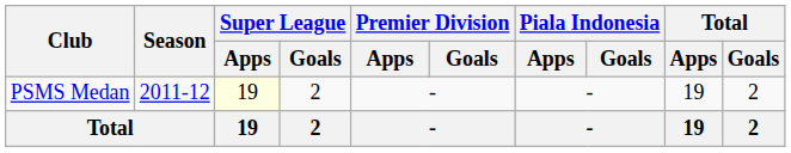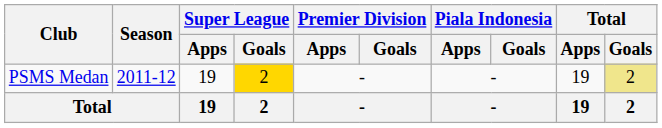 <table class="wikitable" style="font-size:90%; text-align:center;">
 <tr>
 <th rowspan="2">Club</th>
 <th rowspan="2">Season</th>
 <th colspan="2"><a href='#'>Super League</a></th>
 <th colspan="2"><a href='#'>Premier Division</a></th>
 <th colspan="2"><a href='#'>Piala Indonesia</a></th>
 <th colspan="2">Total</th>
 </tr>
 <tr>
 <th>Apps</th>
 <th>Goals</th>
 <th>Apps</th>
 <th>Goals</th>
 <th>Apps</th>
 <th>Goals</th>
 <th>Apps</th>
 <th>Goals</th>
 </tr>
 <tr>
 <td rowspan="1"><a href='#'>PSMS Medan</a></td>
 <td><a href='#'>2011-12</a></td>
-<td style="background: lightyellow;">19</td>
-<td>2</td>
+<td>19</td>
+<td style="background: gold;">2</td>
 <td colspan="2">-</td>
 <td colspan="2">-</td>
 <td>19</td>
-<td>2</td>
+<td style="background: khaki;">2</td>
 </tr>
 <tr>
 <th colspan="2">Total</th>
 <th>19</th>
 <th>2</th>
 <th colspan="2">-</th>
 <th colspan="2">-</th>
 <th>19</th>
 <th>2</th>
 </tr>
 </table>
